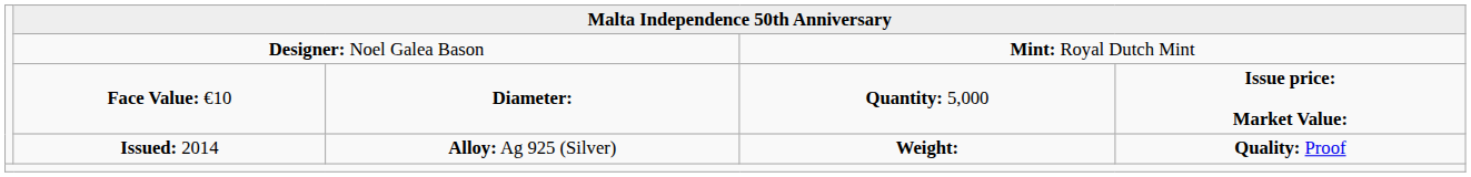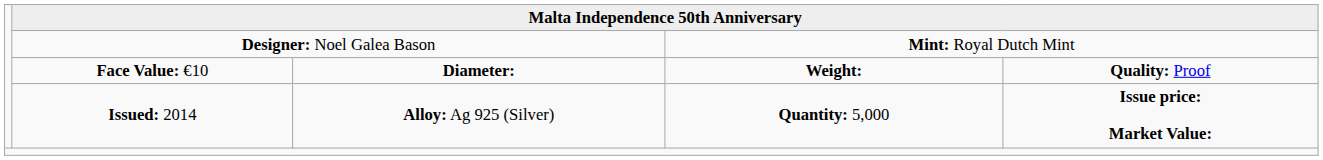 <table class="wikitable" width=100%>
 <tr>
 <td rowspan=4 width="330px" nowrap align=center></td>
 <th colspan="4" align=center style="background:#eeeeee;">Malta Independence 50th Anniversary</th>
 </tr>
 <tr>
 <td colspan="2" width="50%" align=center><strong>Designer:</strong> Noel Galea Bason</td>
 <td colspan="2" width="50%" align=center><strong>Mint:</strong> Royal Dutch Mint</td>
 </tr>
 <tr>
 <td align=center><strong>Face Value:</strong> €10</td>
 <td align=center><strong>Diameter:</strong> </td>
-<td align=center><strong>Quantity:</strong> 5,000</td>
-<td align=center><strong>Issue price:</strong><br><br> <strong>Market Value:</strong></td>
+<td align=center><strong>Weight:</strong> </td>
+<td align=center><strong>Quality:</strong> <a href='#'>Proof</a></td>
 </tr>
 <tr>
 <td align=center><strong>Issued:</strong> 2014</td>
 <td align=center><strong>Alloy:</strong> Ag 925 (Silver)</td>
-<td align=center><strong>Weight:</strong> </td>
-<td align=center><strong>Quality:</strong> <a href='#'>Proof</a></td>
+<td align=center><strong>Quantity:</strong> 5,000</td>
+<td align=center><strong>Issue price:</strong><br><br> <strong>Market Value:</strong></td>
 </tr>
 <tr>
 <td colspan="5" align=left></td>
 </tr>
 </table>
